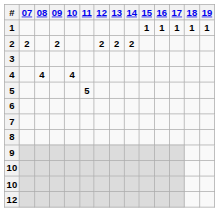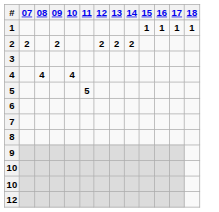 <table class="wikitable" style="text-align: center; font-size:80%">
 <tr>
 <th>#</th>
 <th><strong><a href='#'>07</a></strong></th>
 <th><strong><a href='#'>08</a></strong></th>
 <th><strong><a href='#'>09</a></strong></th>
 <th><strong><a href='#'>10</a></strong></th>
 <th><strong><a href='#'>11</a></strong></th>
 <th><strong><a href='#'>12</a></strong></th>
 <th><strong><a href='#'>13</a></strong></th>
 <th><strong><a href='#'>14</a></strong></th>
 <th><strong><a href='#'>15</a></strong></th>
 <th><strong><a href='#'>16</a></strong></th>
 <th><strong><a href='#'>17</a></strong></th>
 <th><strong><a href='#'>18</a></strong></th>
-<th><strong><a href='#'>19</a></strong></th>
 </tr>
 <tr>
 <th>1</th>
 <td></td>
 <td></td>
 <td></td>
 <td></td>
 <td></td>
 <td></td>
 <td></td>
 <td></td>
-<td><span><strong>1</strong></span></td>
 <td><span><strong>1</strong></span></td>
 <td><span><strong>1</strong></span></td>
 <td><span><strong>1</strong></span></td>
 <td><span><strong>1</strong></span></td>
 </tr>
 <tr>
 <th>2</th>
 <td><span><strong>2</strong></span></td>
 <td></td>
 <td><span><strong>2</strong></span></td>
 <td></td>
 <td></td>
 <td><span><strong>2</strong></span></td>
 <td><span><strong>2</strong></span></td>
 <td><span><strong>2</strong></span></td>
 <td></td>
 <td></td>
 <td></td>
 <td></td>
-<td></td>
 </tr>
 <tr>
 <th>3</th>
-<td></td>
 <td></td>
 <td></td>
 <td></td>
 <td></td>
 <td></td>
 <td></td>
 <td></td>
 <td></td>
 <td></td>
 <td></td>
 <td></td>
 <td></td>
 </tr>
 <tr>
 <th>4</th>
 <td></td>
 <td><span><strong>4</strong></span></td>
 <td></td>
 <td><span><strong>4</strong></span></td>
 <td></td>
 <td></td>
 <td></td>
 <td></td>
 <td></td>
 <td></td>
 <td></td>
 <td></td>
-<td></td>
 </tr>
 <tr>
 <th>5</th>
 <td></td>
 <td></td>
 <td></td>
 <td></td>
 <td><span><strong>5</strong></span></td>
 <td></td>
 <td></td>
 <td></td>
 <td></td>
 <td></td>
 <td></td>
 <td></td>
-<td></td>
 </tr>
 <tr>
 <th>6</th>
-<td></td>
 <td></td>
 <td></td>
 <td></td>
 <td></td>
 <td></td>
 <td></td>
 <td></td>
 <td></td>
 <td></td>
 <td></td>
 <td></td>
 <td></td>
 </tr>
 <tr>
 <th>7</th>
 <td></td>
 <td></td>
 <td></td>
 <td></td>
 <td></td>
 <td></td>
 <td></td>
 <td></td>
 <td></td>
 <td></td>
 <td></td>
 <td></td>
-<td></td>
 </tr>
 <tr>
 <th>8</th>
-<td></td>
 <td></td>
 <td></td>
 <td></td>
 <td></td>
 <td></td>
 <td></td>
 <td></td>
 <td></td>
 <td></td>
 <td></td>
 <td></td>
 <td></td>
 </tr>
 <tr>
 <th>9</th>
 <td style="background:#dcdcdc"></td>
 <td style="background:#dcdcdc"></td>
 <td style="background:#dcdcdc"></td>
 <td style="background:#dcdcdc"></td>
 <td style="background:#dcdcdc"></td>
 <td style="background:#dcdcdc"></td>
 <td style="background:#dcdcdc"></td>
 <td style="background:#dcdcdc"></td>
 <td style="background:#dcdcdc"></td>
 <td style="background:#dcdcdc"></td>
 <td style="background:#dcdcdc"></td>
 <td></td>
+</tr>
+<tr>
+<th>10</th>
+<td style="background:#dcdcdc"></td>
+<td style="background:#dcdcdc"></td>
+<td style="background:#dcdcdc"></td>
+<td style="background:#dcdcdc"></td>
+<td style="background:#dcdcdc"></td>
+<td style="background:#dcdcdc"></td>
+<td style="background:#dcdcdc"></td>
+<td style="background:#dcdcdc"></td>
+<td style="background:#dcdcdc"></td>
+<td style="background:#dcdcdc"></td>
+<td style="background:#dcdcdc"></td>
 <td></td>
 </tr>
 <tr>
 <th>10</th>
 <td style="background:#dcdcdc"></td>
 <td style="background:#dcdcdc"></td>
 <td style="background:#dcdcdc"></td>
 <td style="background:#dcdcdc"></td>
 <td style="background:#dcdcdc"></td>
 <td style="background:#dcdcdc"></td>
 <td style="background:#dcdcdc"></td>
 <td style="background:#dcdcdc"></td>
 <td style="background:#dcdcdc"></td>
 <td style="background:#dcdcdc"></td>
 <td style="background:#dcdcdc"></td>
 <td></td>
-<td></td>
-</tr>
-<tr>
-<th>10</th>
-<td style="background:#dcdcdc"></td>
-<td style="background:#dcdcdc"></td>
-<td style="background:#dcdcdc"></td>
-<td style="background:#dcdcdc"></td>
-<td style="background:#dcdcdc"></td>
-<td style="background:#dcdcdc"></td>
-<td style="background:#dcdcdc"></td>
-<td style="background:#dcdcdc"></td>
-<td style="background:#dcdcdc"></td>
-<td style="background:#dcdcdc"></td>
-<td style="background:#dcdcdc"></td>
-<td></td>
-<td></td>
 </tr>
 <tr>
 <th>12</th>
 <td style="background:#dcdcdc"></td>
 <td style="background:#dcdcdc"></td>
 <td style="background:#dcdcdc"></td>
 <td style="background:#dcdcdc"></td>
 <td style="background:#dcdcdc"></td>
 <td style="background:#dcdcdc"></td>
 <td style="background:#dcdcdc"></td>
 <td style="background:#dcdcdc"></td>
 <td style="background:#dcdcdc"></td>
 <td style="background:#dcdcdc"></td>
 <td style="background:#dcdcdc"></td>
 <td></td>
-<td></td>
 </tr>
 </table>
